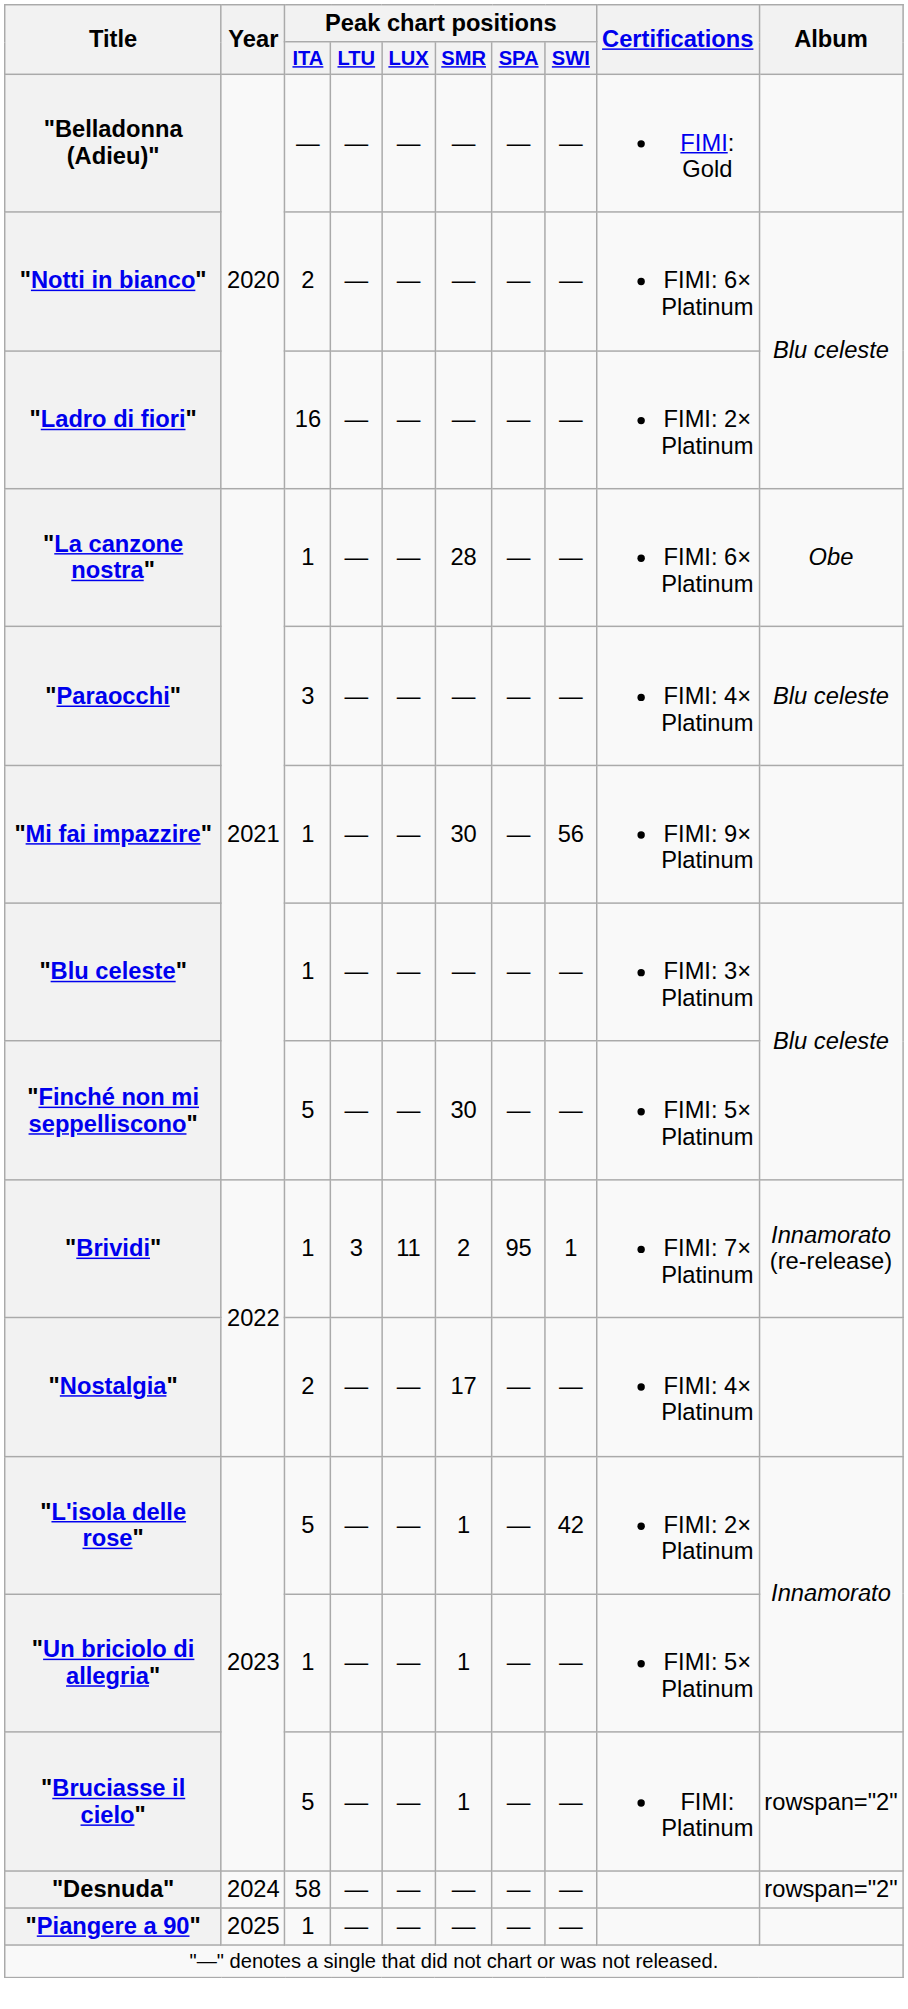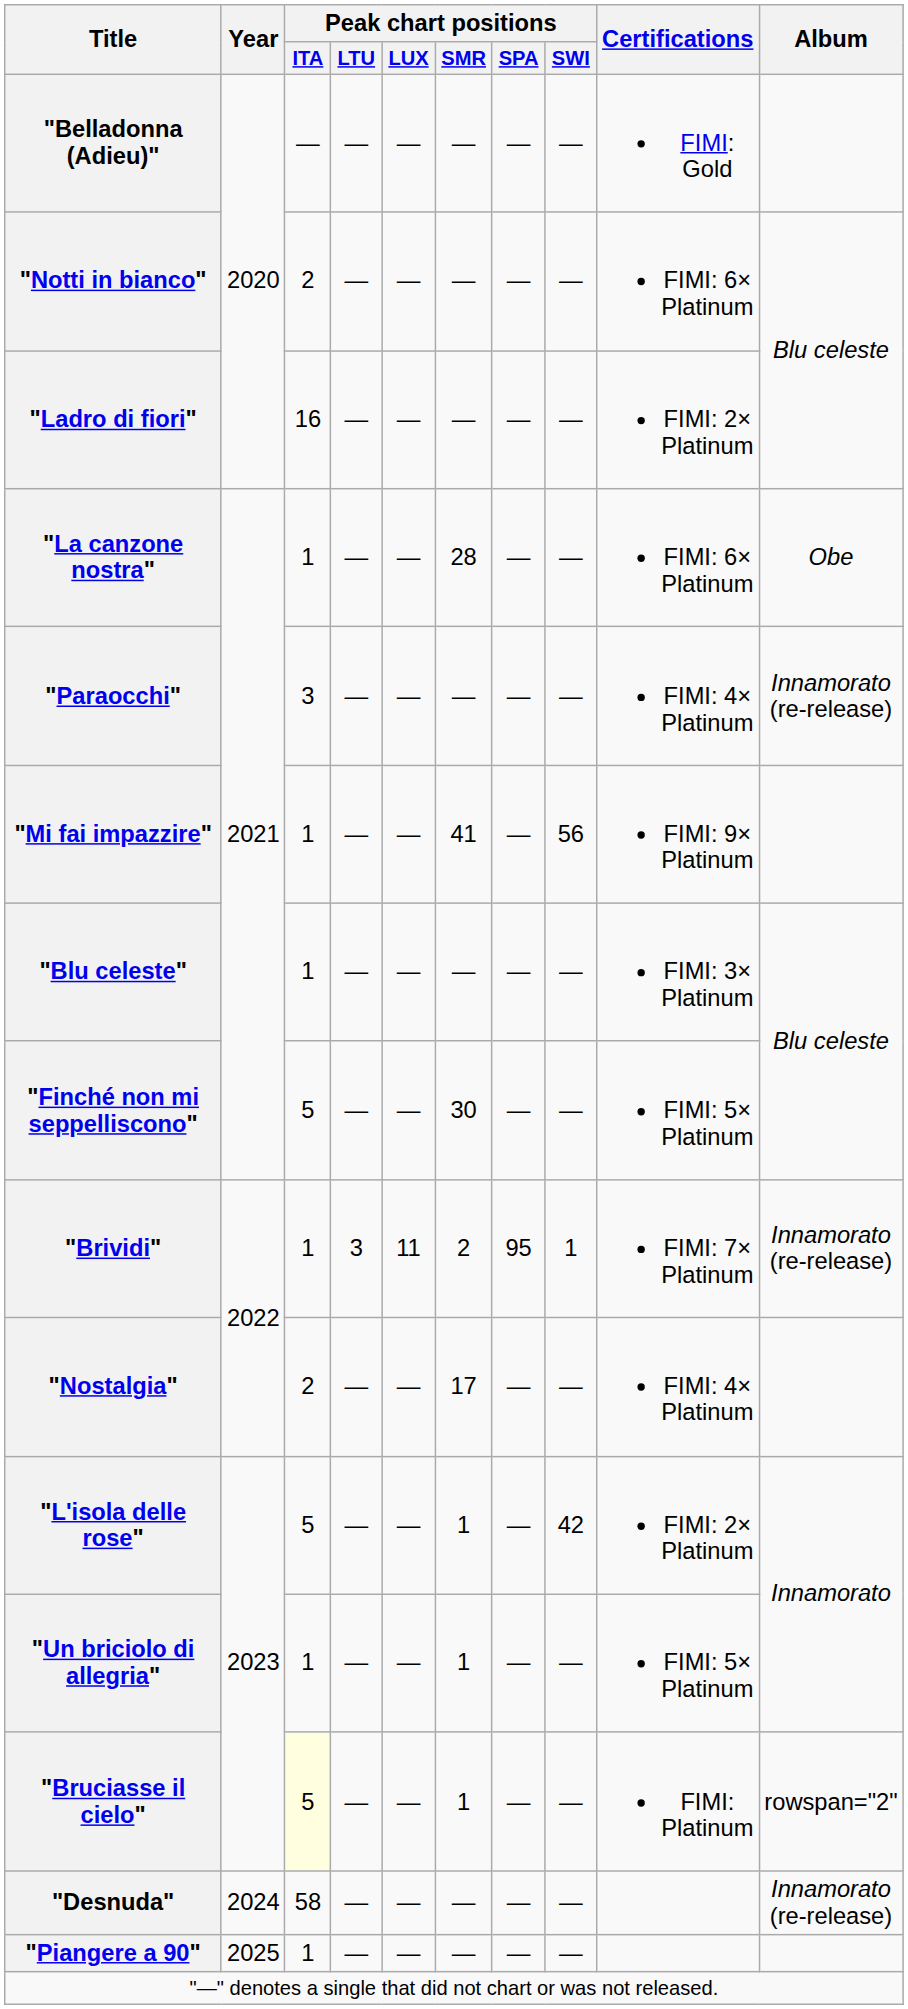 <table class="wikitable plainrowheaders" style="text-align:center;">
 <tr>
 <th scope="col" rowspan="2" style="width:16em;">Title</th>
 <th scope="col" rowspan="2" style="width:1em;">Year</th>
 <th colspan="6" scope="col">Peak chart positions</th>
 <th scope="col" rowspan="2"><a href='#'>Certifications</a></th>
 <th scope="col" rowspan="2">Album</th>
 </tr>
 <tr>
 <th scope="col" style="width:3em;font-size:85%;"><a href='#'>ITA</a><br></th>
 <th scope="col" style="width:3em;font-size:85%;"><a href='#'>LTU</a><br></th>
 <th scope="col" style="width:3em;font-size:85%;"><a href='#'>LUX</a><br></th>
 <th scope="col" style="width:3em;font-size:85%;"><a href='#'>SMR</a><br></th>
 <th scope="col" style="width:3em;font-size:85%;"><a href='#'>SPA</a><br></th>
 <th scope="col" style="width:3em;font-size:85%;"><a href='#'>SWI</a><br></th>
 </tr>
 <tr>
 <th scope="row">"Belladonna (Adieu)"</th>
 <td rowspan="3">2020</td>
 <td>—</td>
 <td>—</td>
 <td>—</td>
 <td>—</td>
 <td>—</td>
 <td>—</td>
 <td><br><ul><li><a href='#'>FIMI</a>: Gold</li></ul></td>
 <td></td>
 </tr>
 <tr>
 <th scope="row">"<a href='#'>Notti in bianco</a>"</th>
 <td>2</td>
 <td>—</td>
 <td>—</td>
 <td>—</td>
 <td>—</td>
 <td>—</td>
 <td><br><ul><li>FIMI: 6× Platinum</li></ul></td>
 <td rowspan="2"><em>Blu celeste</em></td>
 </tr>
 <tr>
 <th scope="row">"<a href='#'>Ladro di fiori</a>"</th>
 <td>16</td>
 <td>—</td>
 <td>—</td>
 <td>—</td>
 <td>—</td>
 <td>—</td>
 <td><br><ul><li>FIMI: 2× Platinum</li></ul></td>
 </tr>
 <tr>
 <th scope="row">"<a href='#'>La canzone nostra</a>"<br></th>
 <td rowspan="5">2021</td>
 <td>1</td>
 <td>—</td>
 <td>—</td>
 <td>28</td>
 <td>—</td>
 <td>—</td>
 <td><br><ul><li>FIMI: 6× Platinum</li></ul></td>
 <td><em>Obe</em></td>
 </tr>
 <tr>
 <th scope="row">"<a href='#'>Paraocchi</a>"</th>
 <td>3</td>
 <td>—</td>
 <td>—</td>
 <td>—</td>
 <td>—</td>
 <td>—</td>
 <td><br><ul><li>FIMI: 4× Platinum</li></ul></td>
-<td><em>Blu celeste</em></td>
+<td><em>Innamorato</em><br>(re-release)</td>
 </tr>
 <tr>
 <th scope="row">"<a href='#'>Mi fai impazzire</a>"<br></th>
 <td>1</td>
 <td>—</td>
 <td>—</td>
-<td>30</td>
+<td>41</td>
 <td>—</td>
 <td>56</td>
 <td><br><ul><li>FIMI: 9× Platinum</li></ul></td>
 <td></td>
 </tr>
 <tr>
 <th scope="row">"<a href='#'>Blu celeste</a>"</th>
 <td>1</td>
 <td>—</td>
 <td>—</td>
 <td>—</td>
 <td>—</td>
 <td>—</td>
 <td><br><ul><li>FIMI: 3× Platinum</li></ul></td>
 <td rowspan="2"><em>Blu celeste</em></td>
 </tr>
 <tr>
 <th scope="row">"<a href='#'>Finché non mi seppelliscono</a>"</th>
 <td>5</td>
 <td>—</td>
 <td>—</td>
 <td>30</td>
 <td>—</td>
 <td>—</td>
 <td><br><ul><li>FIMI: 5× Platinum</li></ul></td>
 </tr>
 <tr>
 <th scope="row">"<a href='#'>Brividi</a>"<br></th>
 <td rowspan="2">2022</td>
 <td>1</td>
 <td>3</td>
 <td>11</td>
 <td>2</td>
 <td>95</td>
 <td>1</td>
 <td><br><ul><li>FIMI: 7× Platinum</li></ul></td>
 <td><em>Innamorato</em><br>(re-release)</td>
 </tr>
 <tr>
 <th scope="row">"<a href='#'>Nostalgia</a>"</th>
 <td>2</td>
 <td>—</td>
 <td>—</td>
 <td>17</td>
 <td>—</td>
 <td>—</td>
 <td><br><ul><li>FIMI: 4× Platinum</li></ul></td>
 </tr>
 <tr>
 <th scope="row">"<a href='#'>L'isola delle rose</a>"</th>
 <td rowspan="3">2023</td>
 <td>5</td>
 <td>—</td>
 <td>—</td>
 <td>1</td>
 <td>—</td>
 <td>42</td>
 <td><br><ul><li>FIMI: 2× Platinum</li></ul></td>
 <td rowspan="2"><em>Innamorato</em></td>
 </tr>
 <tr>
 <th scope="row">"<a href='#'>Un briciolo di allegria</a>"<br></th>
 <td>1</td>
 <td>—</td>
 <td>—</td>
 <td>1</td>
 <td>—</td>
 <td>—</td>
 <td><br><ul><li>FIMI: 5× Platinum</li></ul></td>
 </tr>
 <tr>
 <th scope="row">"<a href='#'>Bruciasse il cielo</a>"</th>
-<td>5</td>
+<td style="background: lightyellow;">5</td>
 <td>—</td>
 <td>—</td>
 <td>1</td>
 <td>—</td>
 <td>—</td>
 <td><br><ul><li>FIMI: Platinum</li></ul></td>
 <td>rowspan="2" </td>
 </tr>
 <tr>
 <th scope="row">"Desnuda"</th>
 <td>2024</td>
 <td>58</td>
 <td>—</td>
 <td>—</td>
 <td>—</td>
 <td>—</td>
 <td>—</td>
 <td></td>
-<td>rowspan="2" </td>
+<td><em>Innamorato</em><br>(re-release)</td>
 </tr>
 <tr>
 <th scope="row">"<a href='#'>Piangere a 90</a>"</th>
 <td>2025</td>
 <td>1<br></td>
 <td>—</td>
 <td>—</td>
 <td>—</td>
 <td>—</td>
 <td>—</td>
 <td></td>
 </tr>
 <tr>
 <td colspan="10" style="font-size:85%;">"—" denotes a single that did not chart or was not released.</td>
 </tr>
 </table>
